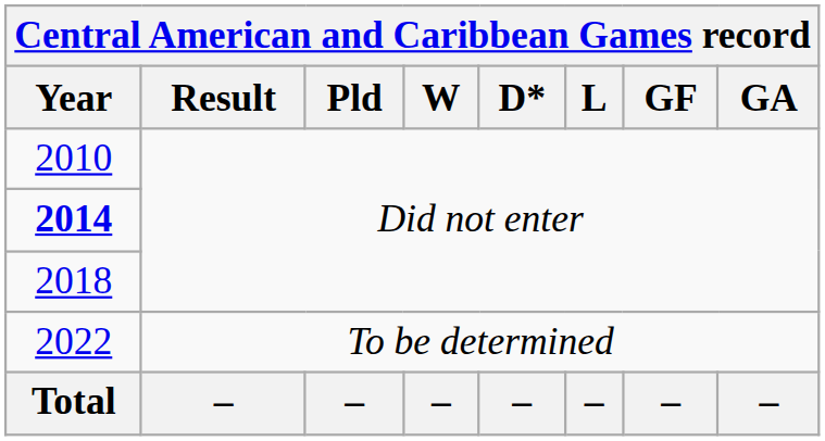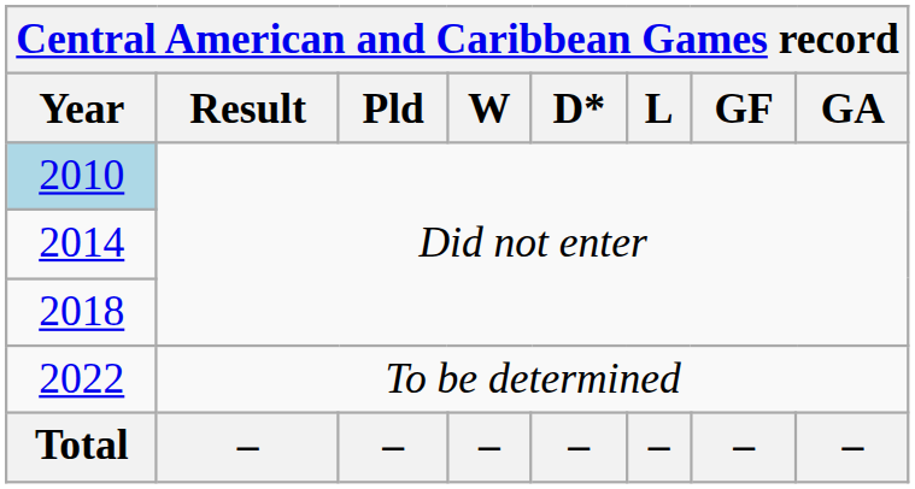 <table class="wikitable" style="text-align: center;">
 <tr>
 <th colspan=8><a href='#'>Central American and Caribbean Games</a> record</th>
 </tr>
 <tr>
 <th>Year</th>
 <th>Result</th>
 <th>Pld</th>
 <th>W</th>
 <th>D*</th>
 <th>L</th>
 <th>GF</th>
 <th>GA</th>
 </tr>
 <tr>
-<td> <a href='#'>2010</a></td>
+<td style="background: lightblue;"> <a href='#'>2010</a></td>
 <td colspan=8 rowspan=3><em>Did not enter</em></td>
 </tr>
 <tr>
-<td><strong> <a href='#'>2014</a></strong></td>
+<td> <a href='#'>2014</a></td>
 </tr>
 <tr>
 <td> <a href='#'>2018</a></td>
 </tr>
 <tr>
 <td> <a href='#'>2022</a></td>
 <td colspan="8"><em>To be determined</em></td>
 </tr>
 <tr>
 <th>Total</th>
 <th>–</th>
 <th>–</th>
 <th>–</th>
 <th>–</th>
 <th>–</th>
 <th>–</th>
 <th>–</th>
 </tr>
 </table>
